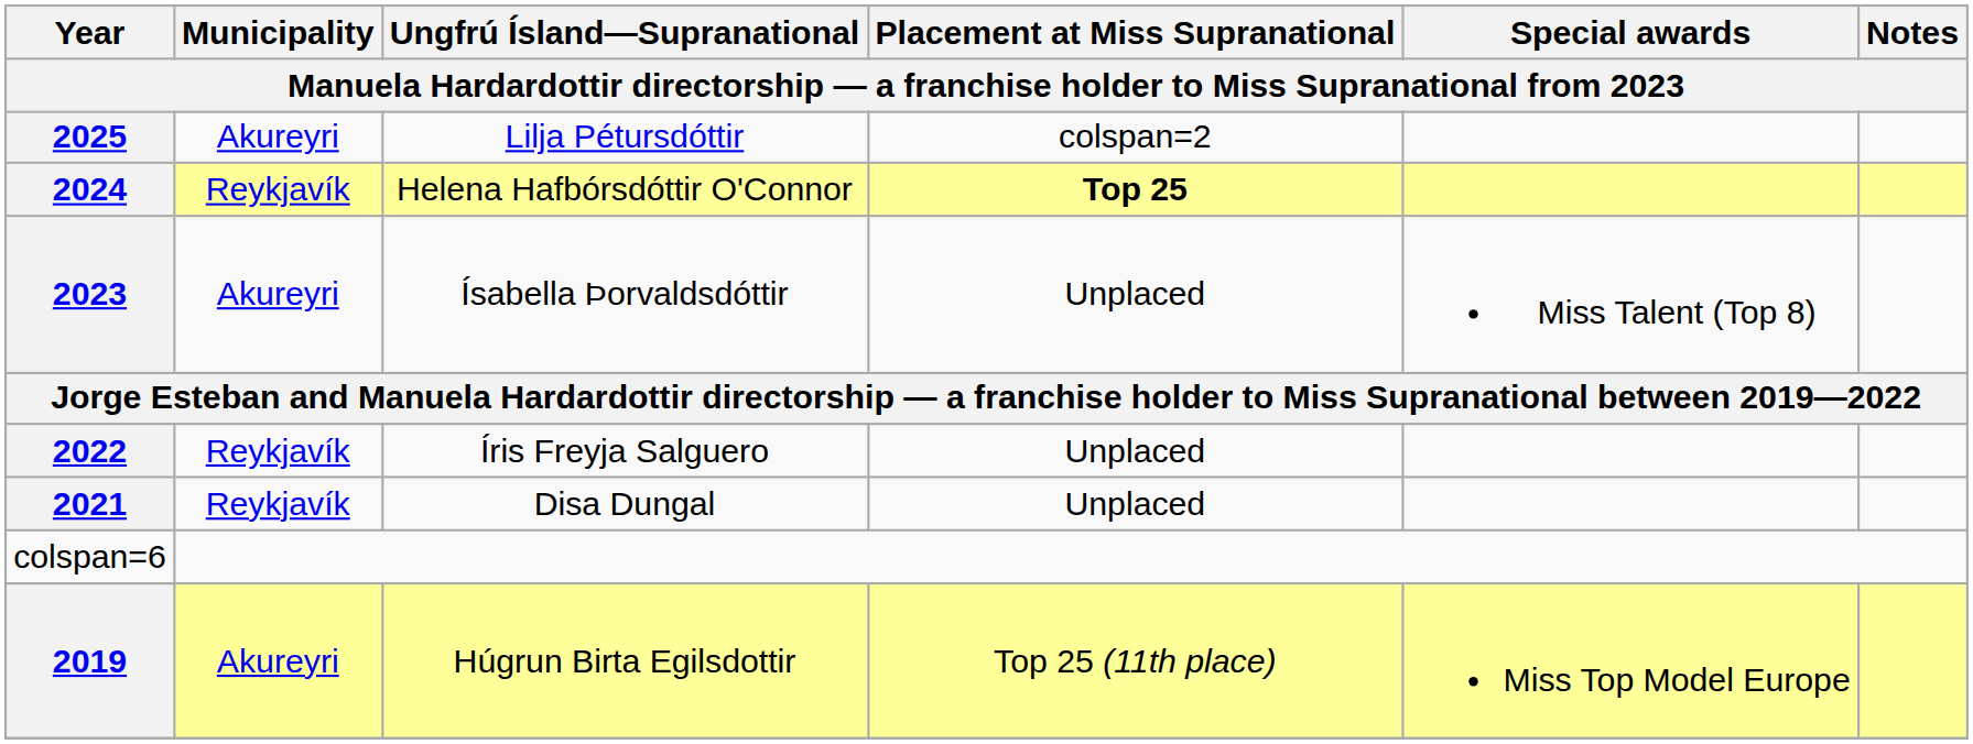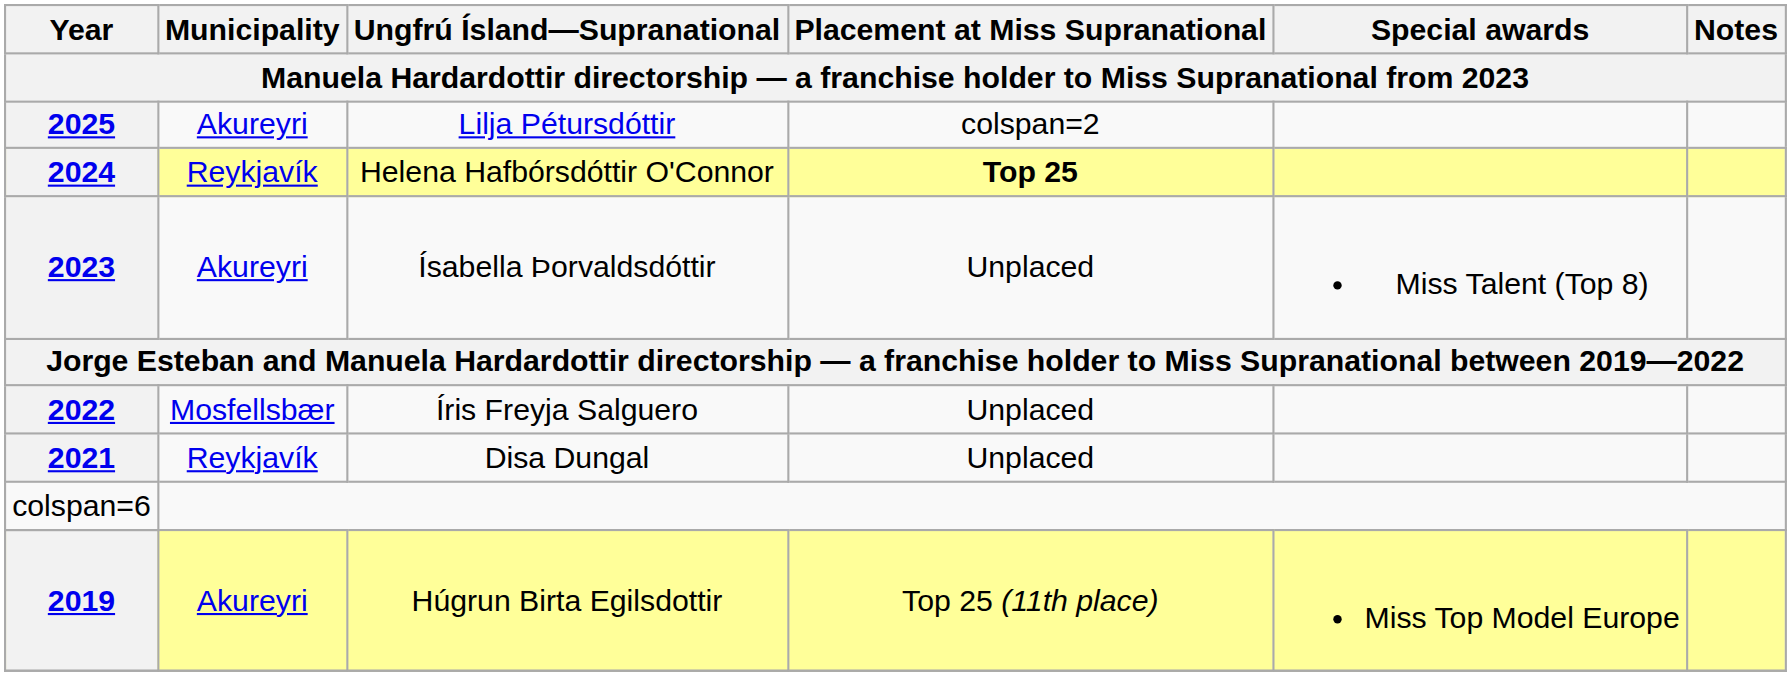 <table class="wikitable " style="font-size: 90%; text-align:center;">
 <tr>
 <th>Year</th>
 <th>Municipality</th>
 <th>Ungfrú Ísland―Supranational</th>
 <th>Placement at Miss Supranational</th>
 <th>Special awards</th>
 <th>Notes</th>
 </tr>
 <tr>
 <th colspan="6">Manuela Hardardottir directorship — a franchise holder to Miss Supranational from 2023</th>
 </tr>
 <tr>
 <th><a href='#'>2025</a></th>
 <td><a href='#'>Akureyri</a></td>
 <td><a href='#'>Lilja Pétursdóttir</a></td>
 <td>colspan=2 </td>
 <td></td>
 </tr>
 <tr style=background-color:#FFFF99>
 <th><a href='#'>2024</a></th>
 <td><a href='#'>Reykjavík</a></td>
 <td>Helena Hafbórsdóttir O'Connor</td>
 <td><strong>Top 25</strong></td>
 <td></td>
 <td></td>
 </tr>
 <tr>
 <th><a href='#'>2023</a></th>
 <td><a href='#'>Akureyri</a></td>
 <td>Ísabella Þorvaldsdóttir</td>
 <td>Unplaced</td>
 <td><br><ul><li>Miss Talent (Top 8)</li></ul></td>
 <td></td>
 </tr>
 <tr>
 <th colspan="6">Jorge Esteban and Manuela Hardardottir directorship — a franchise holder to Miss Supranational between 2019―2022</th>
 </tr>
 <tr>
 <th><a href='#'>2022</a></th>
-<td><a href='#'>Reykjavík</a></td>
+<td><a href='#'>Mosfellsbær</a></td>
 <td>Íris Freyja Salguero</td>
 <td>Unplaced</td>
 <td></td>
 <td></td>
 </tr>
 <tr>
 <th><a href='#'>2021</a></th>
 <td><a href='#'>Reykjavík</a></td>
 <td>Disa Dungal</td>
 <td>Unplaced</td>
 <td></td>
 <td></td>
 </tr>
 <tr>
 <td>colspan=6 </td>
 </tr>
 <tr>
 </tr>
 <tr style="background-color:#FFFF99;">
 <th><a href='#'>2019</a></th>
 <td><a href='#'>Akureyri</a></td>
 <td>Húgrun Birta Egilsdottir</td>
 <td>Top 25 <em>(11th place)</em></td>
 <td align="left"><br><ul><li>Miss Top Model Europe</li></ul></td>
 <td></td>
 </tr>
 <tr>
 </tr>
 </table>
